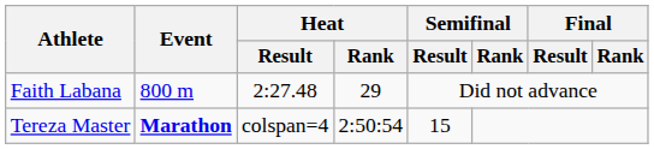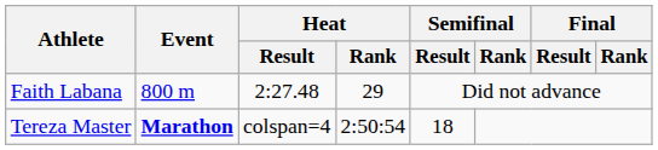 <table class="wikitable" style="font-size:90%">
 <tr>
 <th rowspan=2>Athlete</th>
 <th rowspan=2>Event</th>
 <th colspan=2>Heat</th>
 <th colspan=2>Semifinal</th>
 <th colspan=2>Final</th>
 </tr>
 <tr style="font-size:95%">
 <th>Result</th>
 <th>Rank</th>
 <th>Result</th>
 <th>Rank</th>
 <th>Result</th>
 <th>Rank</th>
 </tr>
 <tr align=center>
 <td align=left><a href='#'>Faith Labana</a></td>
 <td align=left><a href='#'>800 m</a></td>
 <td>2:27.48</td>
 <td>29</td>
 <td colspan=4>Did not advance</td>
 </tr>
 <tr align=center>
 <td align=left><a href='#'>Tereza Master</a></td>
 <td align=left><strong><a href='#'>Marathon</a></strong></td>
 <td>colspan=4 </td>
 <td>2:50:54</td>
-<td>15</td>
+<td>18</td>
 </tr>
 </table>
